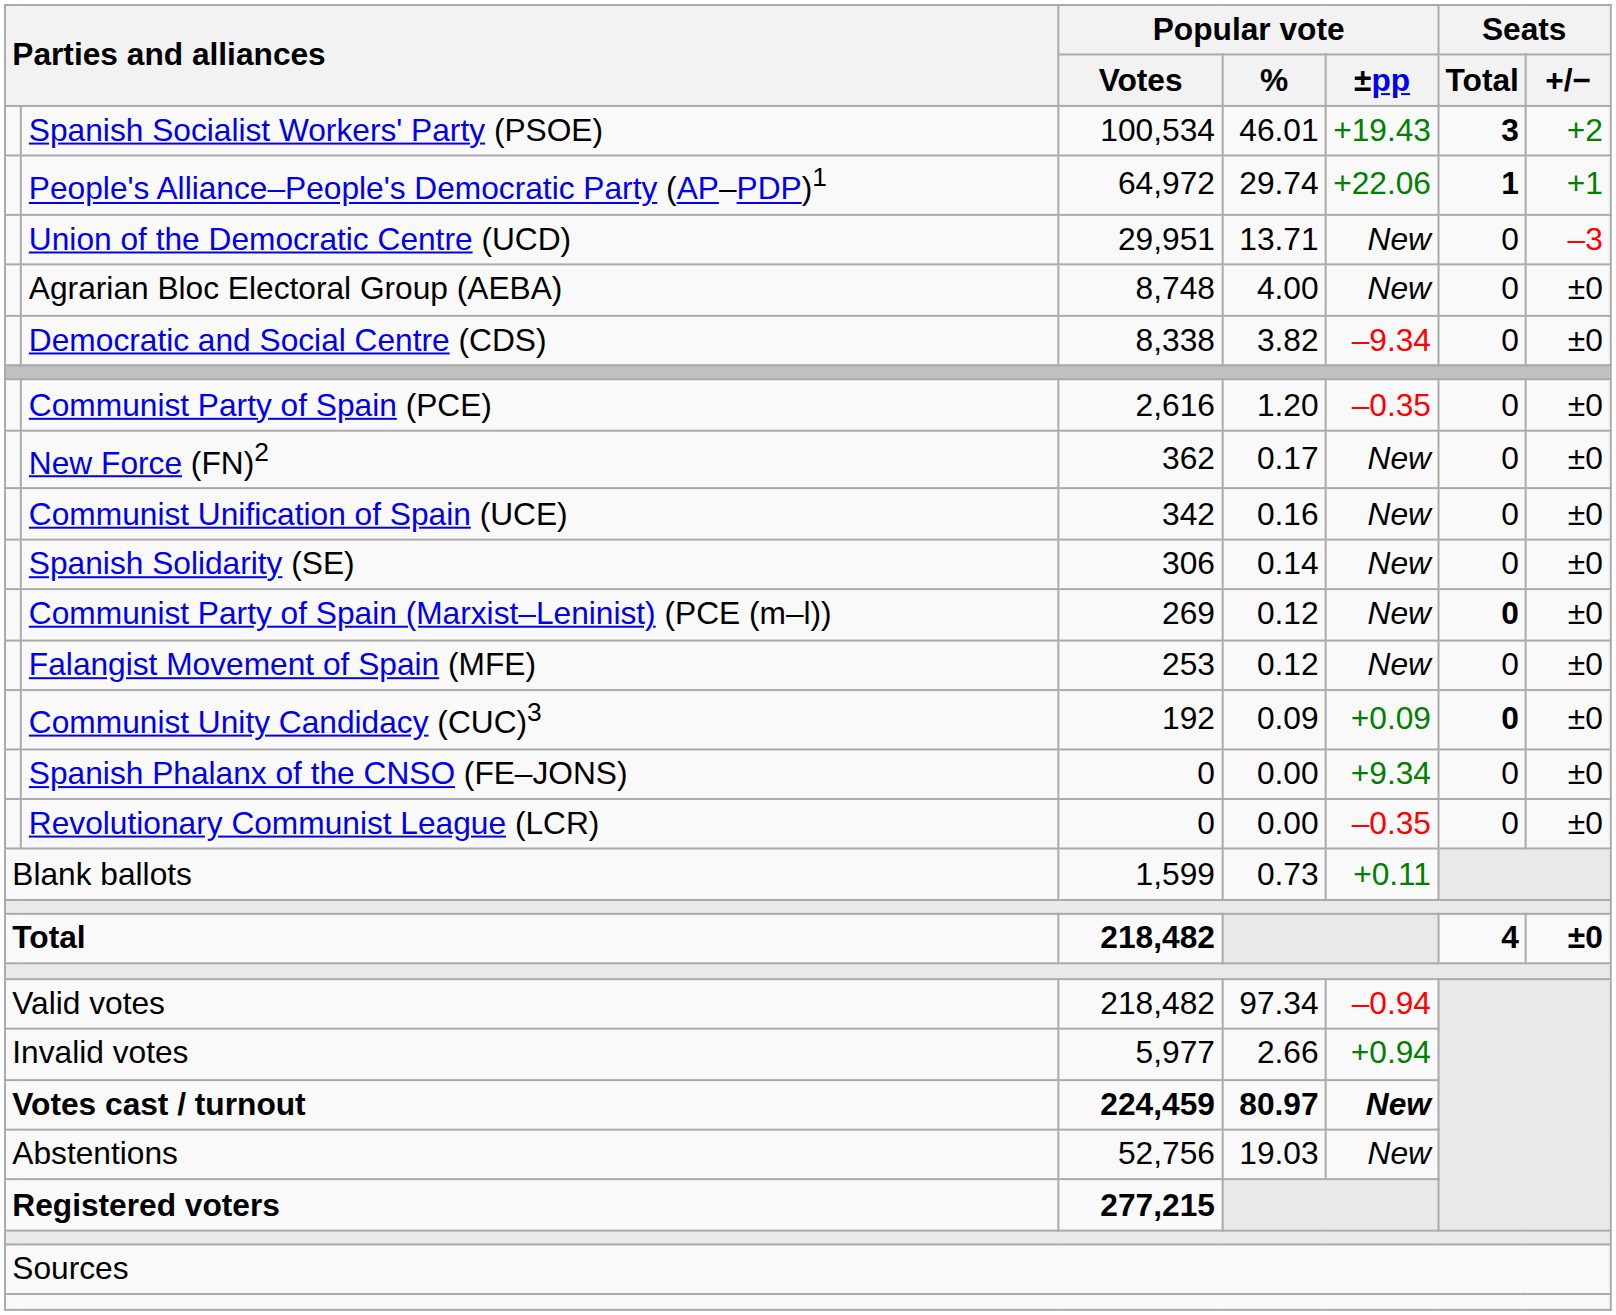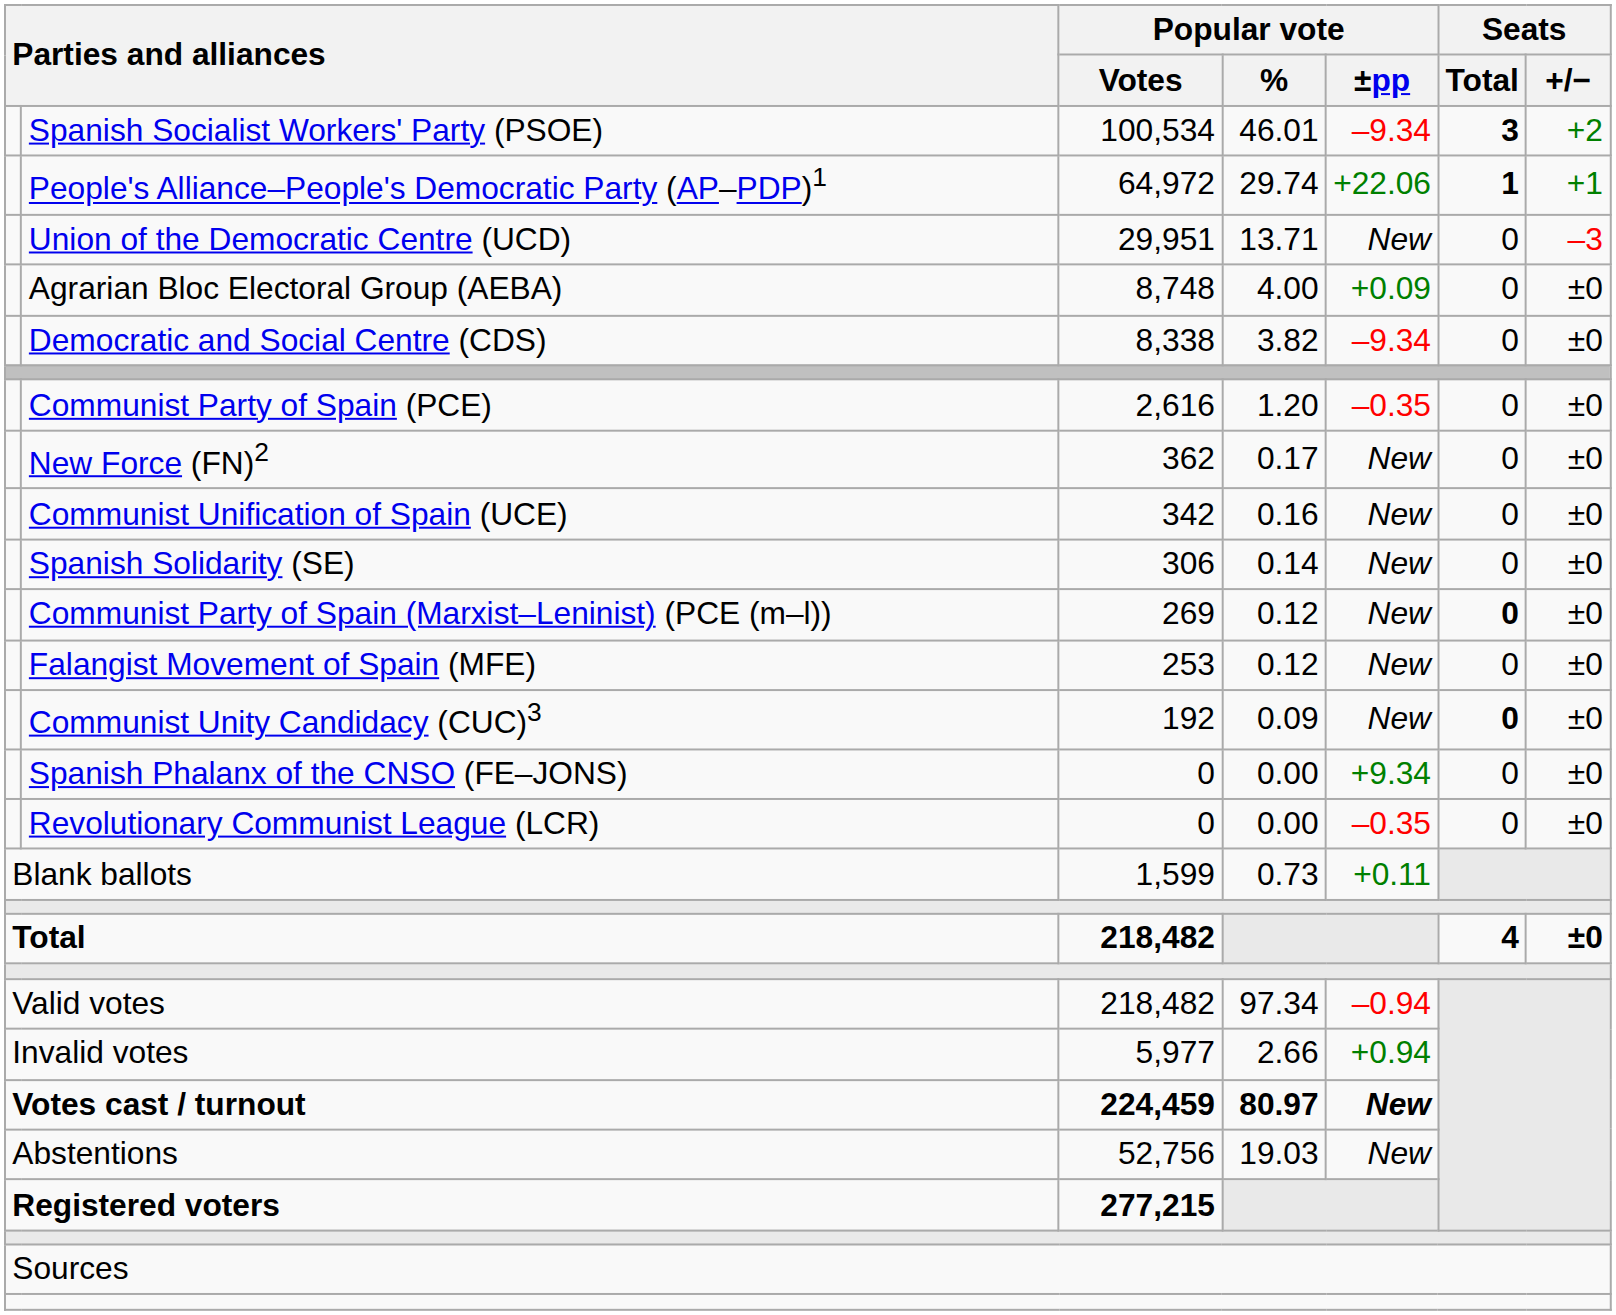 <table class="wikitable" style="text-align:right;">
 <tr>
 <th style="text-align:left;" rowspan="2" colspan="2" width="525">Parties and alliances</th>
 <th colspan="3">Popular vote</th>
 <th colspan="2">Seats</th>
 </tr>
 <tr>
 <th width="75">Votes</th>
 <th width="45">%</th>
 <th width="45">±<a href='#'>pp</a></th>
 <th width="35">Total</th>
 <th width="35">+/−</th>
 </tr>
 <tr>
 <td width="1" style="color:inherit;background:"></td>
 <td align="left"><a href='#'>Spanish Socialist Workers' Party</a> (PSOE)</td>
 <td>100,534</td>
 <td>46.01</td>
-<td style="color:green;">+19.43</td>
+<td style="color:red;">–9.34</td>
 <td><strong>3</strong></td>
 <td style="color:green;">+2</td>
 </tr>
 <tr>
 <td style="color:inherit;background:"></td>
 <td align="left"><a href='#'>People's Alliance–People's Democratic Party</a> (<a href='#'>AP</a>–<a href='#'>PDP</a>)<sup>1</sup></td>
 <td>64,972</td>
 <td>29.74</td>
 <td style="color:green;">+22.06</td>
 <td><strong>1</strong></td>
 <td style="color:green;">+1</td>
 </tr>
 <tr>
 <td style="color:inherit;background:"></td>
 <td align="left"><a href='#'>Union of the Democratic Centre</a> (UCD)</td>
 <td>29,951</td>
 <td>13.71</td>
 <td><em>New</em></td>
 <td>0</td>
 <td style="color:red;">–3</td>
 </tr>
 <tr>
 <td style="color:inherit;background:"></td>
 <td align="left">Agrarian Bloc Electoral Group (AEBA)</td>
 <td>8,748</td>
 <td>4.00</td>
-<td><em>New</em></td>
+<td style="color:green;">+0.09</td>
 <td>0</td>
 <td>±0</td>
 </tr>
 <tr>
 <td style="color:inherit;background:"></td>
 <td align="left"><a href='#'>Democratic and Social Centre</a> (CDS)</td>
 <td>8,338</td>
 <td>3.82</td>
 <td style="color:red;">–9.34</td>
 <td>0</td>
 <td>±0</td>
 </tr>
 <tr>
 <td colspan="7" bgcolor="#C0C0C0"></td>
 </tr>
 <tr>
 <td style="color:inherit;background:"></td>
 <td align="left"><a href='#'>Communist Party of Spain</a> (PCE)</td>
 <td>2,616</td>
 <td>1.20</td>
 <td style="color:red;">–0.35</td>
 <td>0</td>
 <td>±0</td>
 </tr>
 <tr>
 <td style="color:inherit;background:"></td>
 <td align="left"><a href='#'>New Force</a> (FN)<sup>2</sup></td>
 <td>362</td>
 <td>0.17</td>
 <td><em>New</em></td>
 <td>0</td>
 <td>±0</td>
 </tr>
 <tr>
 <td style="color:inherit;background:"></td>
 <td align="left"><a href='#'>Communist Unification of Spain</a> (UCE)</td>
 <td>342</td>
 <td>0.16</td>
 <td><em>New</em></td>
 <td>0</td>
 <td>±0</td>
 </tr>
 <tr>
 <td style="color:inherit;background:"></td>
 <td align="left"><a href='#'>Spanish Solidarity</a> (SE)</td>
 <td>306</td>
 <td>0.14</td>
 <td><em>New</em></td>
 <td>0</td>
 <td>±0</td>
 </tr>
 <tr>
 <td style="color:inherit;background:"></td>
 <td align="left"><a href='#'>Communist Party of Spain (Marxist–Leninist)</a> (PCE (m–l))</td>
 <td>269</td>
 <td>0.12</td>
 <td><em>New</em></td>
 <td><strong>0</strong></td>
 <td>±0</td>
 </tr>
 <tr>
 <td style="color:inherit;background:"></td>
 <td align="left"><a href='#'>Falangist Movement of Spain</a> (MFE)</td>
 <td>253</td>
 <td>0.12</td>
 <td><em>New</em></td>
 <td>0</td>
 <td>±0</td>
 </tr>
 <tr>
 <td style="color:inherit;background:"></td>
 <td align="left"><a href='#'>Communist Unity Candidacy</a> (CUC)<sup>3</sup></td>
 <td>192</td>
 <td>0.09</td>
-<td style="color:green;">+0.09</td>
+<td><em>New</em></td>
 <td><strong>0</strong></td>
 <td>±0</td>
 </tr>
 <tr>
 <td style="color:inherit;background:"></td>
 <td align="left"><a href='#'>Spanish Phalanx of the CNSO</a> (FE–JONS)</td>
 <td>0</td>
 <td>0.00</td>
 <td style="color:green;">+9.34</td>
 <td>0</td>
 <td>±0</td>
 </tr>
 <tr>
 <td style="color:inherit;background:"></td>
 <td align="left"><a href='#'>Revolutionary Communist League</a> (LCR)</td>
 <td>0</td>
 <td>0.00</td>
 <td style="color:red;">–0.35</td>
 <td>0</td>
 <td>±0</td>
 </tr>
 <tr>
 <td align="left" colspan="2">Blank ballots</td>
 <td>1,599</td>
 <td>0.73</td>
 <td style="color:green;">+0.11</td>
 <td bgcolor="#E9E9E9" colspan="2"></td>
 </tr>
 <tr>
 <td colspan="7" bgcolor="#E9E9E9"></td>
 </tr>
 <tr style="font-weight:bold;">
 <td align="left" colspan="2">Total</td>
 <td>218,482</td>
 <td bgcolor="#E9E9E9" colspan="2"></td>
 <td>4</td>
 <td>±0</td>
 </tr>
 <tr>
 <td colspan="7" bgcolor="#E9E9E9"></td>
 </tr>
 <tr>
 <td align="left" colspan="2">Valid votes</td>
 <td>218,482</td>
 <td>97.34</td>
 <td style="color:red;">–0.94</td>
 <td bgcolor="#E9E9E9" colspan="2" rowspan="5"></td>
 </tr>
 <tr>
 <td align="left" colspan="2">Invalid votes</td>
 <td>5,977</td>
 <td>2.66</td>
 <td style="color:green;">+0.94</td>
 </tr>
 <tr style="font-weight:bold;">
 <td align="left" colspan="2">Votes cast / turnout</td>
 <td>224,459</td>
 <td>80.97</td>
 <td><em>New</em></td>
 </tr>
 <tr>
 <td align="left" colspan="2">Abstentions</td>
 <td>52,756</td>
 <td>19.03</td>
 <td><em>New</em></td>
 </tr>
 <tr style="font-weight:bold;">
 <td align="left" colspan="2">Registered voters</td>
 <td>277,215</td>
 <td bgcolor="#E9E9E9" colspan="2"></td>
 </tr>
 <tr>
 <td colspan="7" bgcolor="#E9E9E9"></td>
 </tr>
 <tr>
 <td align="left" colspan="7">Sources</td>
 </tr>
 <tr>
 <td colspan="7" style="text-align:left; max-width:790px;"></td>
 </tr>
 </table>
